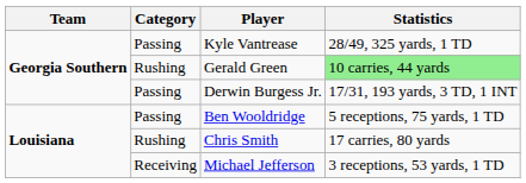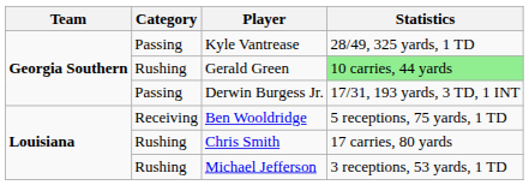 <table class="wikitable" style="float: left;">
 <tr>
 <th>Team</th>
 <th>Category</th>
 <th>Player</th>
 <th>Statistics</th>
 </tr>
 <tr>
 <td rowspan=3><strong>Georgia Southern</strong></td>
 <td>Passing</td>
 <td>Kyle Vantrease</td>
 <td>28/49, 325 yards, 1 TD</td>
 </tr>
 <tr>
 <td>Rushing</td>
 <td>Gerald Green</td>
 <td style="background: lightgreen;">10 carries, 44 yards</td>
 </tr>
 <tr>
 <td>Passing</td>
 <td>Derwin Burgess Jr.</td>
 <td>17/31, 193 yards, 3 TD, 1 INT</td>
 </tr>
 <tr>
 <td rowspan=3><strong>Louisiana</strong></td>
-<td>Passing</td>
+<td>Receiving</td>
 <td><a href='#'>Ben Wooldridge</a></td>
 <td>5 receptions, 75 yards, 1 TD</td>
 </tr>
 <tr>
 <td>Rushing</td>
 <td><a href='#'>Chris Smith</a></td>
 <td>17 carries, 80 yards</td>
 </tr>
 <tr>
-<td>Receiving</td>
+<td>Rushing</td>
 <td><a href='#'>Michael Jefferson</a></td>
 <td>3 receptions, 53 yards, 1 TD</td>
 </tr>
 </table>
